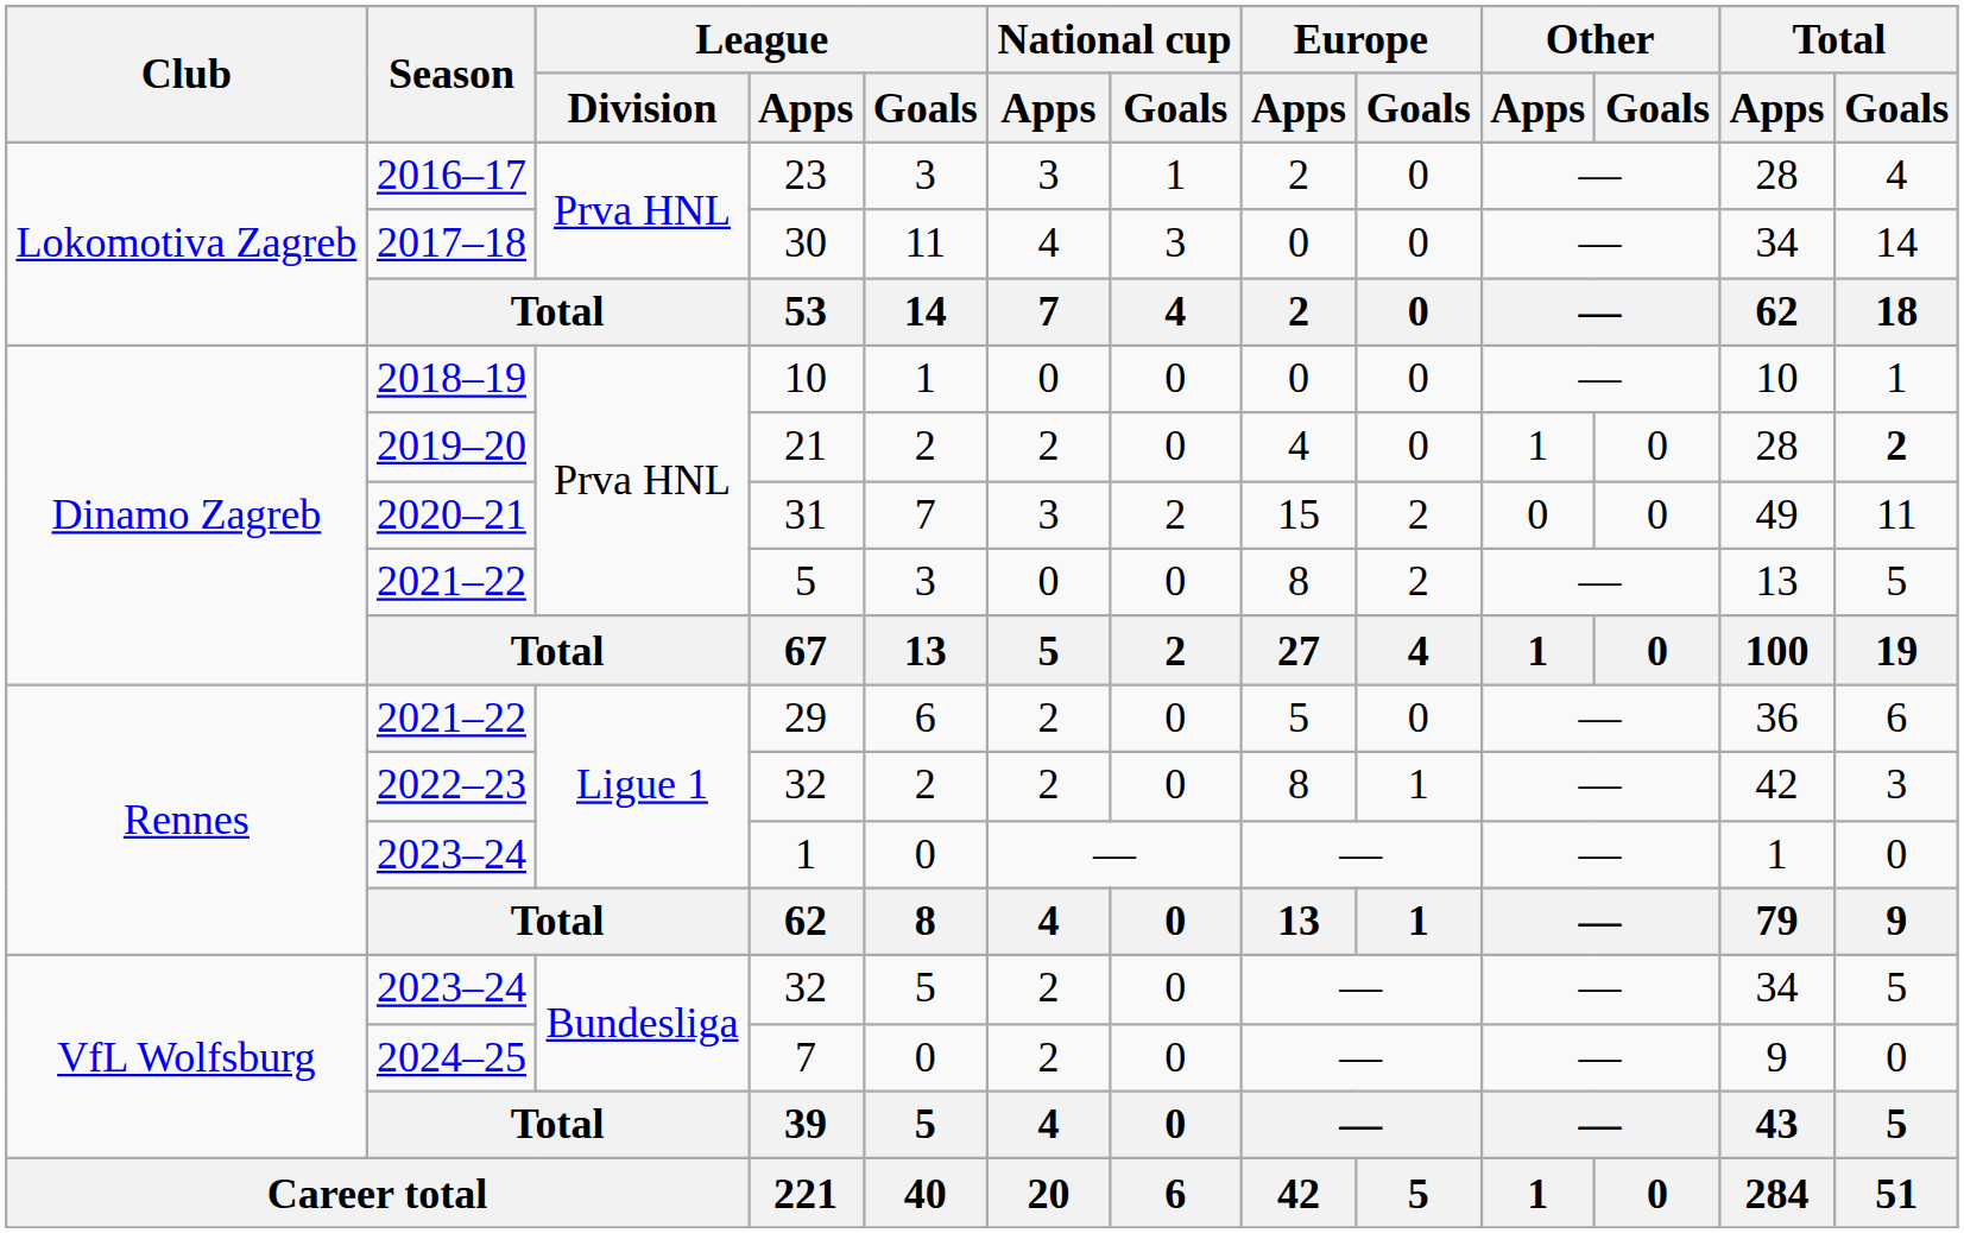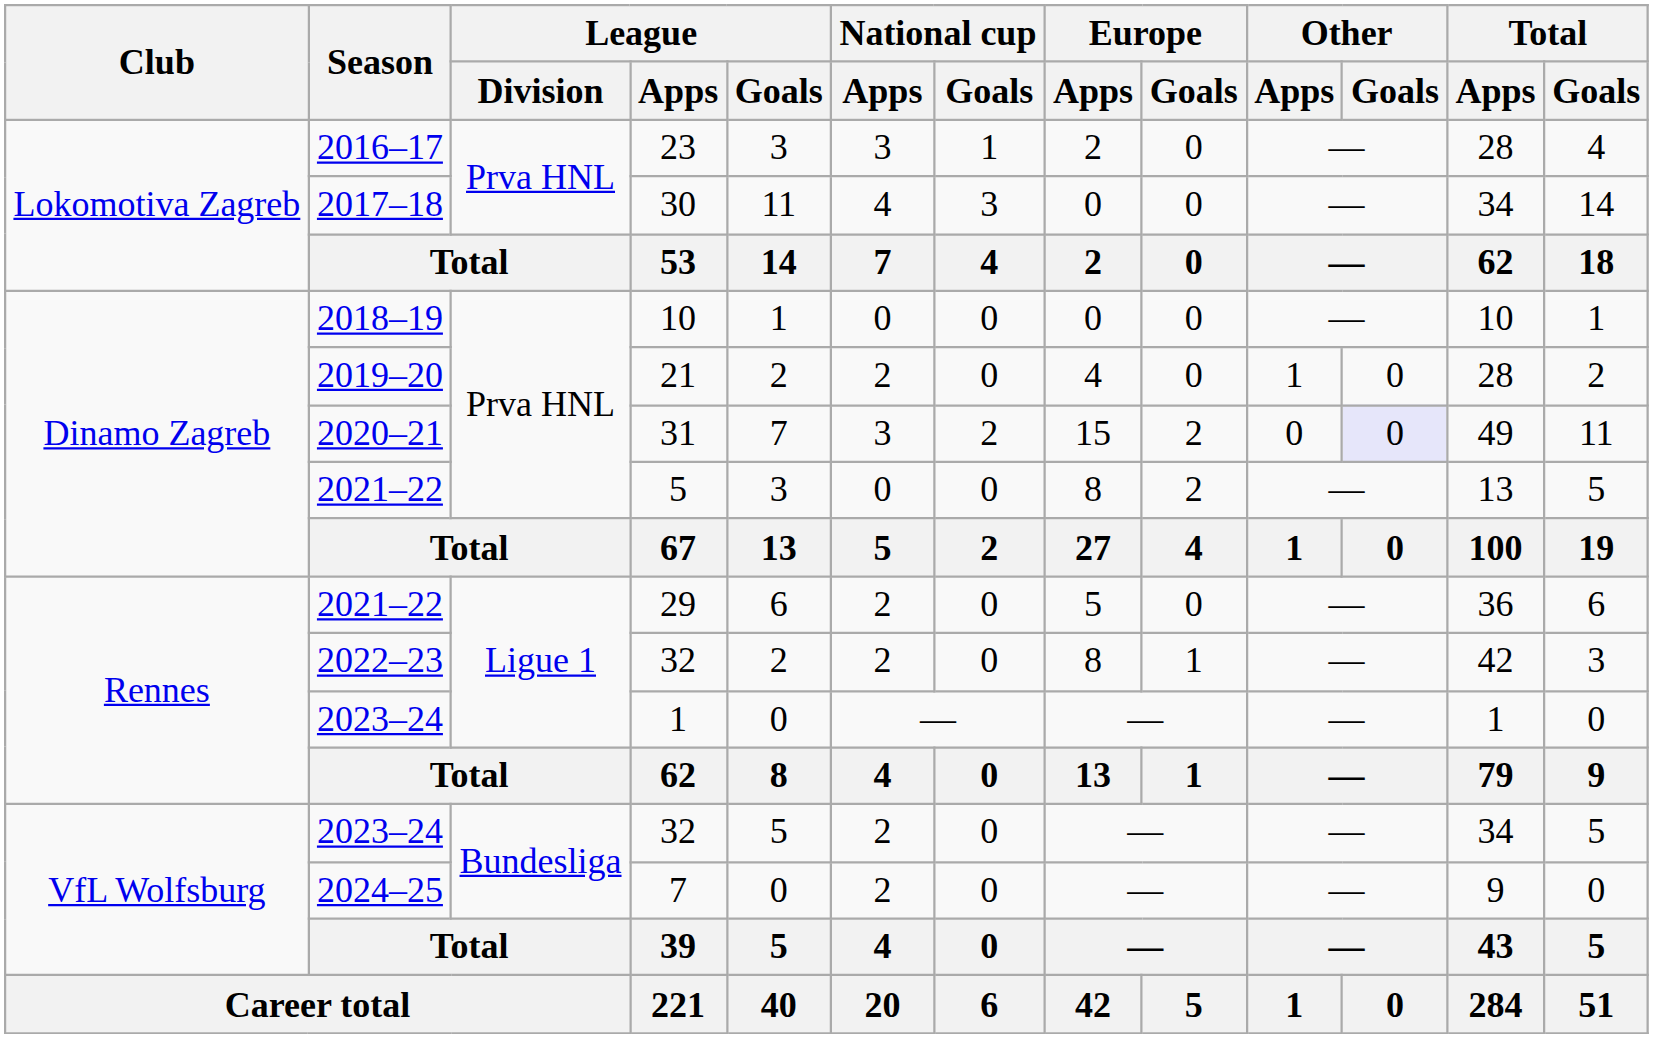 <table class="wikitable" style="text-align:center">
 <tr>
 <th rowspan="2">Club</th>
 <th rowspan="2">Season</th>
 <th colspan="3">League</th>
 <th colspan="2">National cup</th>
 <th colspan="2">Europe</th>
 <th colspan="2">Other</th>
 <th colspan="2">Total</th>
 </tr>
 <tr>
 <th>Division</th>
 <th>Apps</th>
 <th>Goals</th>
 <th>Apps</th>
 <th>Goals</th>
 <th>Apps</th>
 <th>Goals</th>
 <th>Apps</th>
 <th>Goals</th>
 <th>Apps</th>
 <th>Goals</th>
 </tr>
 <tr>
 <td rowspan="3"><a href='#'>Lokomotiva Zagreb</a></td>
 <td><a href='#'>2016–17</a></td>
 <td rowspan="2"><a href='#'>Prva HNL</a></td>
 <td>23</td>
 <td>3</td>
 <td>3</td>
 <td>1</td>
 <td>2</td>
 <td>0</td>
 <td colspan="2">—</td>
 <td>28</td>
 <td>4</td>
 </tr>
 <tr>
 <td><a href='#'>2017–18</a></td>
 <td>30</td>
 <td>11</td>
 <td>4</td>
 <td>3</td>
 <td>0</td>
 <td>0</td>
 <td colspan="2">—</td>
 <td>34</td>
 <td>14</td>
 </tr>
 <tr>
 <th colspan="2">Total</th>
 <th>53</th>
 <th>14</th>
 <th>7</th>
 <th>4</th>
 <th>2</th>
 <th>0</th>
 <th colspan="2">—</th>
 <th>62</th>
 <th>18</th>
 </tr>
 <tr>
 <td rowspan="5"><a href='#'>Dinamo Zagreb</a></td>
 <td><a href='#'>2018–19</a></td>
 <td rowspan="4">Prva HNL</td>
 <td>10</td>
 <td>1</td>
 <td>0</td>
 <td>0</td>
 <td>0</td>
 <td>0</td>
 <td colspan="2">—</td>
 <td>10</td>
 <td>1</td>
 </tr>
 <tr>
 <td><a href='#'>2019–20</a></td>
 <td>21</td>
 <td>2</td>
 <td>2</td>
 <td>0</td>
 <td>4</td>
 <td>0</td>
 <td>1</td>
 <td>0</td>
 <td>28</td>
-<td><strong>2</strong></td>
+<td>2</td>
 </tr>
 <tr>
 <td><a href='#'>2020–21</a></td>
 <td>31</td>
 <td>7</td>
 <td>3</td>
 <td>2</td>
 <td>15</td>
 <td>2</td>
 <td>0</td>
-<td>0</td>
+<td style="background: lavender;">0</td>
 <td>49</td>
 <td>11</td>
 </tr>
 <tr>
 <td><a href='#'>2021–22</a></td>
 <td>5</td>
 <td>3</td>
 <td>0</td>
 <td>0</td>
 <td>8</td>
 <td>2</td>
 <td colspan="2">—</td>
 <td>13</td>
 <td>5</td>
 </tr>
 <tr>
 <th colspan="2">Total</th>
 <th>67</th>
 <th>13</th>
 <th>5</th>
 <th>2</th>
 <th>27</th>
 <th>4</th>
 <th>1</th>
 <th>0</th>
 <th>100</th>
 <th>19</th>
 </tr>
 <tr>
 <td rowspan="4"><a href='#'>Rennes</a></td>
 <td><a href='#'>2021–22</a></td>
 <td rowspan="3"><a href='#'>Ligue 1</a></td>
 <td>29</td>
 <td>6</td>
 <td>2</td>
 <td>0</td>
 <td>5</td>
 <td>0</td>
 <td colspan="2">—</td>
 <td>36</td>
 <td>6</td>
 </tr>
 <tr>
 <td><a href='#'>2022–23</a></td>
 <td>32</td>
 <td>2</td>
 <td>2</td>
 <td>0</td>
 <td>8</td>
 <td>1</td>
 <td colspan="2">—</td>
 <td>42</td>
 <td>3</td>
 </tr>
 <tr>
 <td><a href='#'>2023–24</a></td>
 <td>1</td>
 <td>0</td>
 <td colspan="2">—</td>
 <td colspan="2">—</td>
 <td colspan="2">—</td>
 <td>1</td>
 <td>0</td>
 </tr>
 <tr>
 <th colspan="2">Total</th>
 <th>62</th>
 <th>8</th>
 <th>4</th>
 <th>0</th>
 <th>13</th>
 <th>1</th>
 <th colspan="2">—</th>
 <th>79</th>
 <th>9</th>
 </tr>
 <tr>
 <td rowspan="3"><a href='#'>VfL Wolfsburg</a></td>
 <td><a href='#'>2023–24</a></td>
 <td rowspan="2"><a href='#'>Bundesliga</a></td>
 <td>32</td>
 <td>5</td>
 <td>2</td>
 <td>0</td>
 <td colspan="2">—</td>
 <td colspan="2">—</td>
 <td>34</td>
 <td>5</td>
 </tr>
 <tr>
 <td><a href='#'>2024–25</a></td>
 <td>7</td>
 <td>0</td>
 <td>2</td>
 <td>0</td>
 <td colspan="2">—</td>
 <td colspan="2">—</td>
 <td>9</td>
 <td>0</td>
 </tr>
 <tr>
 <th colspan="2">Total</th>
 <th>39</th>
 <th>5</th>
 <th>4</th>
 <th>0</th>
 <th colspan="2">—</th>
 <th colspan="2">—</th>
 <th>43</th>
 <th>5</th>
 </tr>
 <tr>
 <th colspan="3">Career total</th>
 <th>221</th>
 <th>40</th>
 <th>20</th>
 <th>6</th>
 <th>42</th>
 <th>5</th>
 <th>1</th>
 <th>0</th>
 <th>284</th>
 <th>51</th>
 </tr>
 </table>
